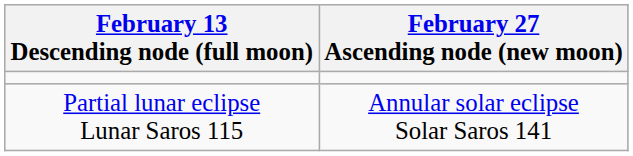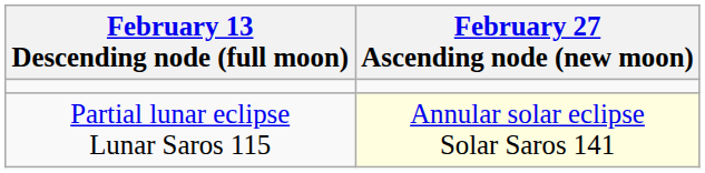 <table class="wikitable">
 <tr>
 <th><a href='#'>February 13</a><br>Descending node (full moon)<br></th>
 <th><a href='#'>February 27</a><br>Ascending node (new moon)<br></th>
 </tr>
 <tr>
 <td></td>
 <td></td>
 </tr>
 <tr align=center>
 <td><a href='#'>Partial lunar eclipse</a><br>Lunar Saros 115</td>
-<td><a href='#'>Annular solar eclipse</a><br>Solar Saros 141</td>
+<td style="background: lightyellow;"><a href='#'>Annular solar eclipse</a><br>Solar Saros 141</td>
 </tr>
 </table>
